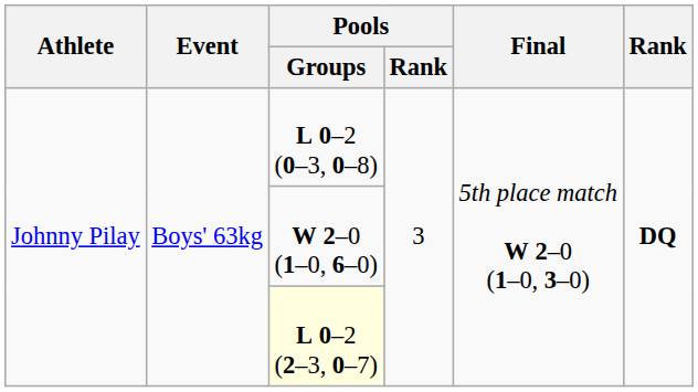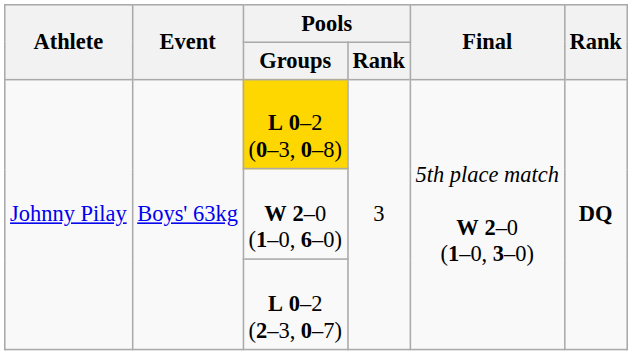 <table class="wikitable" style="text-align:left; font-size:90%">
 <tr>
 <th rowspan="2">Athlete</th>
 <th rowspan="2">Event</th>
 <th colspan="2">Pools</th>
 <th rowspan="2">Final</th>
 <th rowspan="2">Rank</th>
 </tr>
 <tr>
 <th>Groups</th>
 <th>Rank</th>
 </tr>
 <tr>
 <td rowspan="3"><a href='#'>Johnny Pilay</a></td>
 <td rowspan="3"><a href='#'>Boys' 63kg</a></td>
-<td align=center><br><strong>L</strong> <strong>0</strong>–2<br>(<strong>0</strong>–3, <strong>0</strong>–8)</td>
+<td align=center style="background: gold;"><br><strong>L</strong> <strong>0</strong>–2<br>(<strong>0</strong>–3, <strong>0</strong>–8)</td>
 <td rowspan="3" align=center>3</td>
 <td align=center rowspan=3><em>5th place match</em><br><br><strong>W</strong> <strong>2</strong>–0<br>(<strong>1</strong>–0, <strong>3</strong>–0)</td>
 <td rowspan="3" align="center"><strong>DQ</strong></td>
 </tr>
 <tr>
 <td align=center><br><strong>W</strong> <strong>2</strong>–0<br>(<strong>1</strong>–0, <strong>6</strong>–0)</td>
 </tr>
 <tr>
-<td align=center style="background: lightyellow;"><br><strong>L</strong> <strong>0</strong>–2<br>(<strong>2</strong>–3, <strong>0</strong>–7)</td>
+<td align=center><br><strong>L</strong> <strong>0</strong>–2<br>(<strong>2</strong>–3, <strong>0</strong>–7)</td>
 </tr>
 </table>
